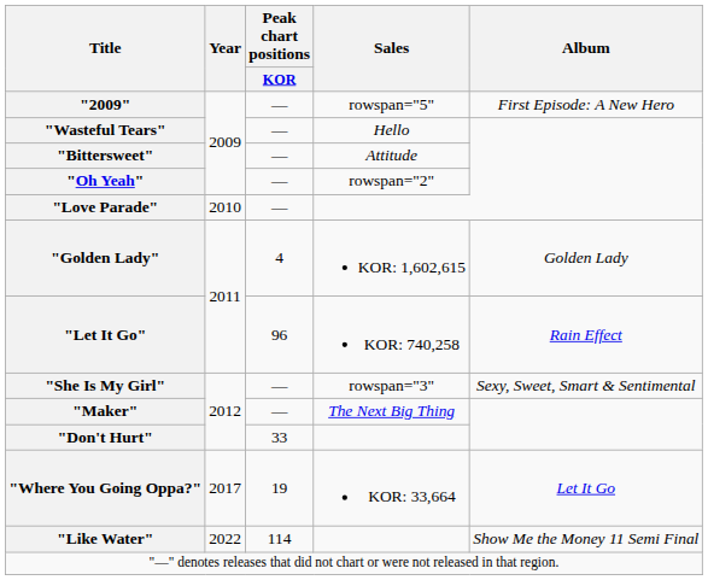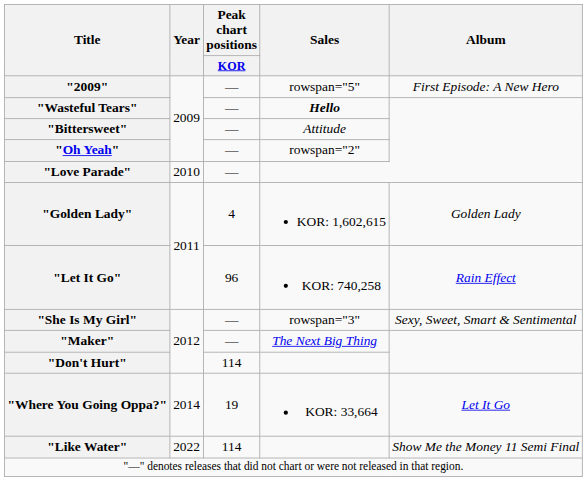 <table class="wikitable plainrowheaders" style="text-align:center;">
 <tr>
 <th scope="col" rowspan="2">Title</th>
 <th scope="col" rowspan="2">Year</th>
 <th scope="col" colspan="1">Peak chart positions</th>
 <th scope="col" rowspan="2">Sales<br></th>
 <th scope="col" rowspan="2">Album</th>
 </tr>
 <tr>
 <th scope="col" style="font-size:90%; width:3em"><a href='#'>KOR</a><br></th>
 </tr>
 <tr>
 <th scope="row">"2009" </th>
 <td rowspan="4">2009</td>
 <td>—</td>
 <td>rowspan="5" </td>
 <td><em>First Episode: A New Hero</em></td>
 </tr>
 <tr>
 <th scope="row">"Wasteful Tears" </th>
 <td>—</td>
-<td><em>Hello</em></td>
+<td><strong><em>Hello</em></strong></td>
 </tr>
 <tr>
 <th scope="row">"Bittersweet" </th>
 <td>—</td>
 <td><em>Attitude</em></td>
 </tr>
 <tr>
 <th scope="row">"<a href='#'>Oh Yeah</a>" </th>
 <td>—</td>
 <td>rowspan="2" </td>
 </tr>
 <tr>
 <th scope="row">"Love Parade" </th>
 <td>2010</td>
 <td>—</td>
 </tr>
 <tr>
 <th scope="row">"Golden Lady" </th>
 <td rowspan="2">2011</td>
 <td>4</td>
 <td><br><ul><li>KOR: 1,602,615</li></ul></td>
 <td><em>Golden Lady</em></td>
 </tr>
 <tr>
 <th scope="row">"Let It Go" </th>
 <td>96</td>
 <td><br><ul><li>KOR: 740,258</li></ul></td>
 <td><em><a href='#'>Rain Effect</a></em></td>
 </tr>
 <tr>
 <th scope="row">"She Is My Girl" </th>
 <td rowspan="3">2012</td>
 <td>—</td>
 <td>rowspan="3" </td>
 <td><em>Sexy, Sweet, Smart & Sentimental</em></td>
 </tr>
 <tr>
 <th scope="row">"Maker" </th>
 <td>—</td>
 <td><em><a href='#'>The Next Big Thing</a></em></td>
 </tr>
 <tr>
 <th scope="row">"Don't Hurt" </th>
-<td>33</td>
+<td>114</td>
 <td></td>
 </tr>
 <tr>
 <th scope="row">"Where You Going Oppa?" </th>
-<td>2017</td>
+<td>2014</td>
 <td>19</td>
 <td><br><ul><li>KOR: 33,664</li></ul></td>
 <td><em><a href='#'>Let It Go</a></em></td>
 </tr>
 <tr>
 <th scope="row">"Like Water" </th>
 <td>2022</td>
 <td>114</td>
 <td></td>
 <td><em>Show Me the Money 11 Semi Final</em></td>
 </tr>
 <tr>
 <td colspan="5" style="font-size:85%;">"—" denotes releases that did not chart or were not released in that region.</td>
 </tr>
 </table>
